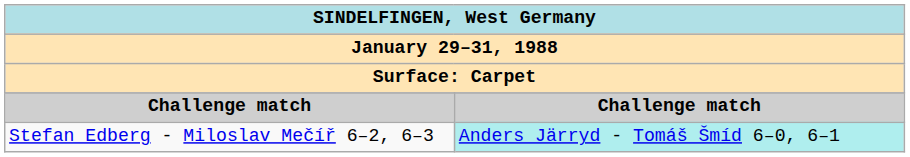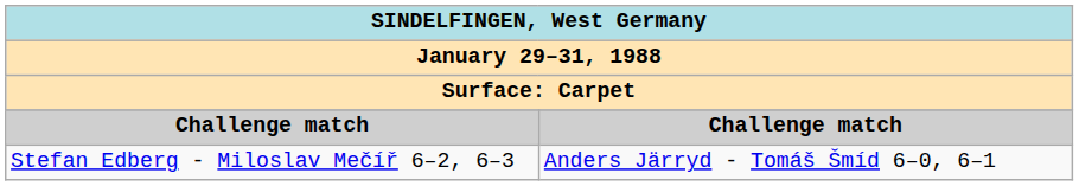 <table class="wikitable" style="font-size:95%;">
 <tr>
 <th colspan="2" style="background:#B0E0E6" width="300">SINDELFINGEN, West Germany</th>
 </tr>
 <tr>
 <th colspan="2" style="background:#FFE5B4" width="300">January 29–31, 1988</th>
 </tr>
 <tr>
 <th colspan="2" style="background:#FFE5B4" width="300">Surface: Carpet</th>
 </tr>
 <tr>
 <th colspan="1" style="background:#cfcfcf" width="300">Challenge match</th>
 <th colspan="1" style="background:#cfcfcf" width="300">Challenge match</th>
 </tr>
 <tr>
 <td><a href='#'>Stefan Edberg</a> - <a href='#'>Miloslav Mečíř</a> 6–2, 6–3</td>
-<td style="background: paleturquoise;"><a href='#'>Anders Järryd</a> - <a href='#'>Tomáš Šmíd</a> 6–0, 6–1</td>
+<td><a href='#'>Anders Järryd</a> - <a href='#'>Tomáš Šmíd</a> 6–0, 6–1</td>
 </tr>
 </table>
